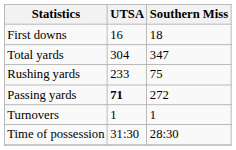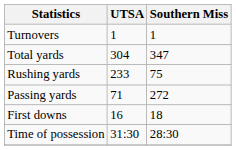 <table class="wikitable">
 <tr>
 <th>Statistics</th>
 <th>UTSA</th>
 <th>Southern Miss</th>
 </tr>
 <tr>
-<td>First downs</td>
-<td>16</td>
-<td>18</td>
+<td>Turnovers</td>
+<td>1</td>
+<td>1</td>
 </tr>
 <tr>
 <td>Total yards</td>
 <td>304</td>
 <td>347</td>
 </tr>
 <tr>
 <td>Rushing yards</td>
 <td>233</td>
 <td>75</td>
 </tr>
 <tr>
 <td>Passing yards</td>
-<td><strong>71</strong></td>
+<td>71</td>
 <td>272</td>
 </tr>
 <tr>
-<td>Turnovers</td>
-<td>1</td>
-<td>1</td>
+<td>First downs</td>
+<td>16</td>
+<td>18</td>
 </tr>
 <tr>
 <td>Time of possession</td>
 <td>31:30</td>
 <td>28:30</td>
 </tr>
 <tr>
 </tr>
 </table>
